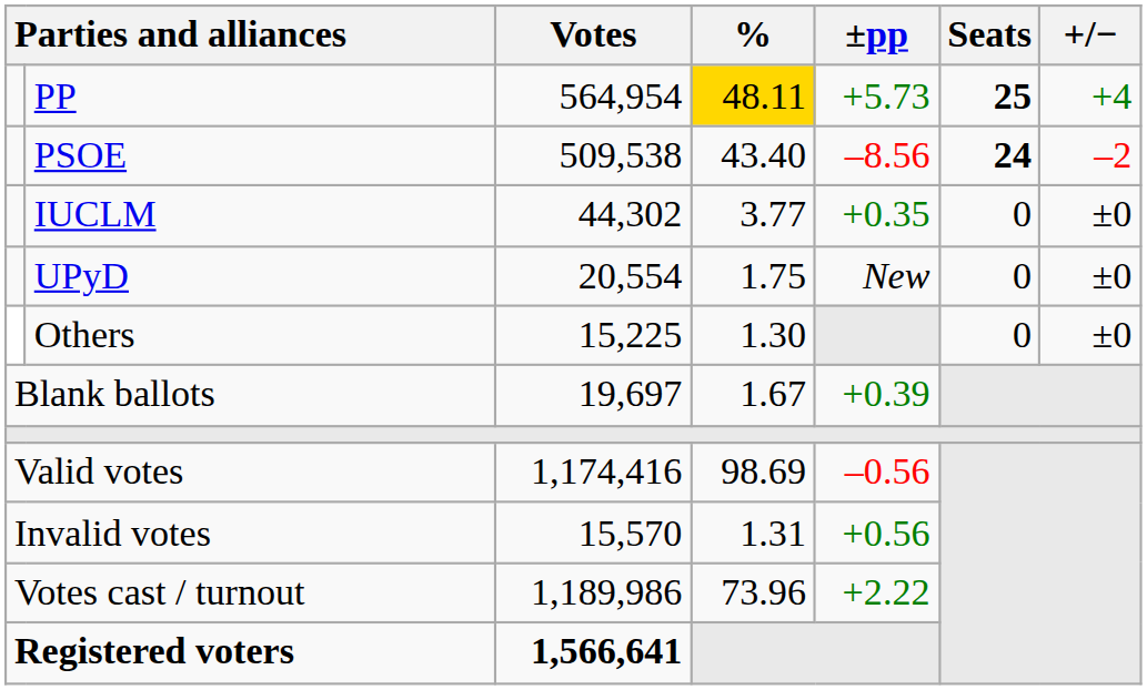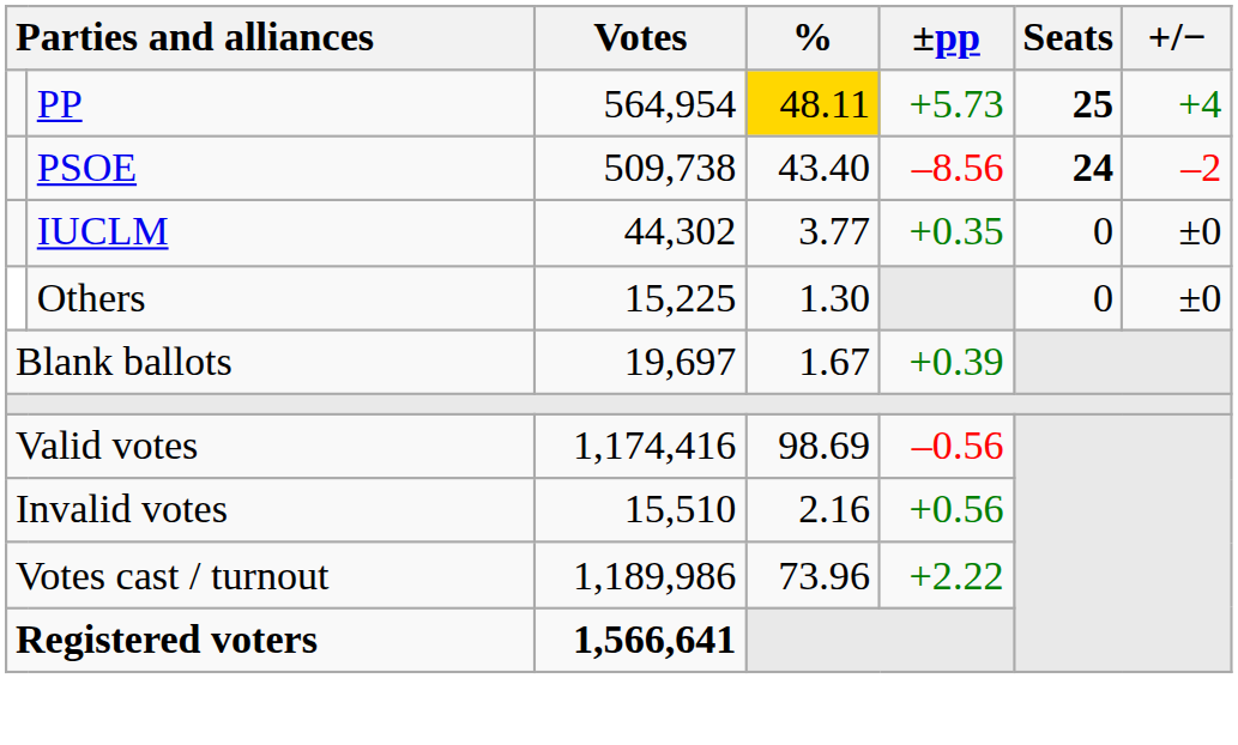 <table class="wikitable" style="text-align:right;">
 <tr>
 <th style="text-align:left;" colspan="2" width="200">Parties and alliances</th>
 <th width="75">Votes</th>
 <th width="45">%</th>
 <th width="45">±<a href='#'>pp</a></th>
 <th width="35">Seats</th>
 <th width="35">+/−</th>
 </tr>
 <tr>
 <td width="1" style="color:inherit;background:"></td>
 <td align="left"><a href='#'>PP</a></td>
 <td>564,954</td>
 <td style="background: gold;">48.11</td>
 <td style="color:green;">+5.73</td>
 <td><strong>25</strong></td>
 <td style="color:green;">+4</td>
 </tr>
 <tr>
 <td style="color:inherit;background:"></td>
 <td align="left"><a href='#'>PSOE</a></td>
-<td>509,538</td>
+<td>509,738</td>
 <td>43.40</td>
 <td style="color:red;">–8.56</td>
 <td><strong>24</strong></td>
 <td style="color:red;">–2</td>
 </tr>
 <tr>
 <td style="color:inherit;background:"></td>
 <td align="left"><a href='#'>IUCLM</a></td>
 <td>44,302</td>
 <td>3.77</td>
 <td style="color:green;">+0.35</td>
-<td>0</td>
-<td>±0</td>
-</tr>
-<tr>
-<td style="color:inherit;background:"></td>
-<td align="left"><a href='#'>UPyD</a></td>
-<td>20,554</td>
-<td>1.75</td>
-<td><em>New</em></td>
 <td>0</td>
 <td>±0</td>
 </tr>
 <tr>
 <td bgcolor="white"></td>
 <td align="left">Others</td>
 <td>15,225</td>
 <td>1.30</td>
 <td bgcolor="#E9E9E9"></td>
 <td>0</td>
 <td>±0</td>
 </tr>
 <tr>
 <td align="left" colspan="2">Blank ballots</td>
 <td>19,697</td>
 <td>1.67</td>
 <td style="color:green;">+0.39</td>
 <td bgcolor="#E9E9E9" colspan="2"></td>
 </tr>
 <tr>
 <td colspan="7" bgcolor="#E9E9E9"></td>
 </tr>
 <tr>
 <td align="left" colspan="2">Valid votes</td>
 <td>1,174,416</td>
 <td>98.69</td>
 <td style="color:red;">–0.56</td>
 <td bgcolor="#E9E9E9" colspan="2" rowspan="4"></td>
 </tr>
 <tr>
 <td align="left" colspan="2">Invalid votes</td>
-<td>15,570</td>
-<td>1.31</td>
+<td>15,510</td>
+<td>2.16</td>
 <td style="color:green;">+0.56</td>
 </tr>
 <tr>
 <td align="left" colspan="2">Votes cast / turnout</td>
 <td>1,189,986</td>
 <td>73.96</td>
 <td style="color:green;">+2.22</td>
 </tr>
 <tr style="font-weight:bold;">
 <td align="left" colspan="2">Registered voters</td>
 <td>1,566,641</td>
 <td bgcolor="#E9E9E9" colspan="2"></td>
 </tr>
 </table>
